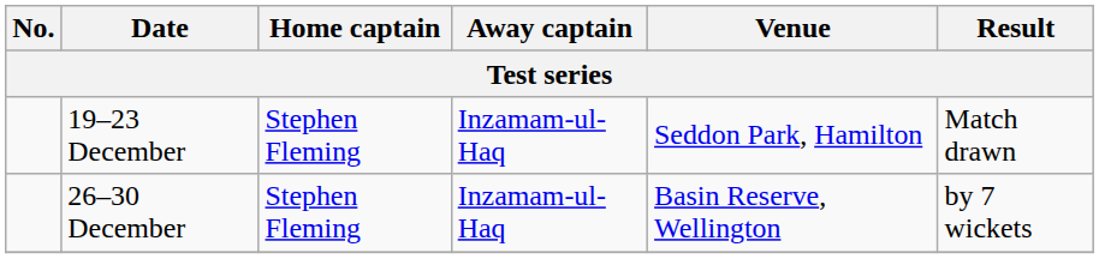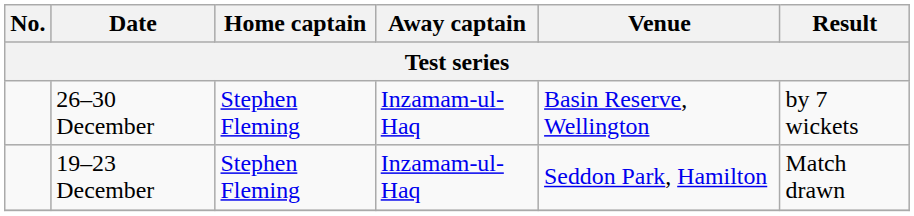 <table class="wikitable">
 <tr>
 <th>No.</th>
 <th>Date</th>
 <th>Home captain</th>
 <th>Away captain</th>
 <th>Venue</th>
 <th>Result</th>
 </tr>
 <tr>
 <th colspan="6">Test series</th>
 </tr>
 <tr>
 <td></td>
+<td>26–30 December</td>
+<td><a href='#'>Stephen Fleming</a></td>
+<td><a href='#'>Inzamam-ul-Haq</a></td>
+<td><a href='#'>Basin Reserve</a>, <a href='#'>Wellington</a></td>
+<td> by 7 wickets</td>
+</tr>
+<tr>
+<td></td>
 <td>19–23 December</td>
 <td><a href='#'>Stephen Fleming</a></td>
 <td><a href='#'>Inzamam-ul-Haq</a></td>
 <td><a href='#'>Seddon Park</a>, <a href='#'>Hamilton</a></td>
 <td>Match drawn</td>
 </tr>
 <tr>
-<td></td>
-<td>26–30 December</td>
-<td><a href='#'>Stephen Fleming</a></td>
-<td><a href='#'>Inzamam-ul-Haq</a></td>
-<td><a href='#'>Basin Reserve</a>, <a href='#'>Wellington</a></td>
-<td> by 7 wickets</td>
-</tr>
-<tr>
 </tr>
 </table>
